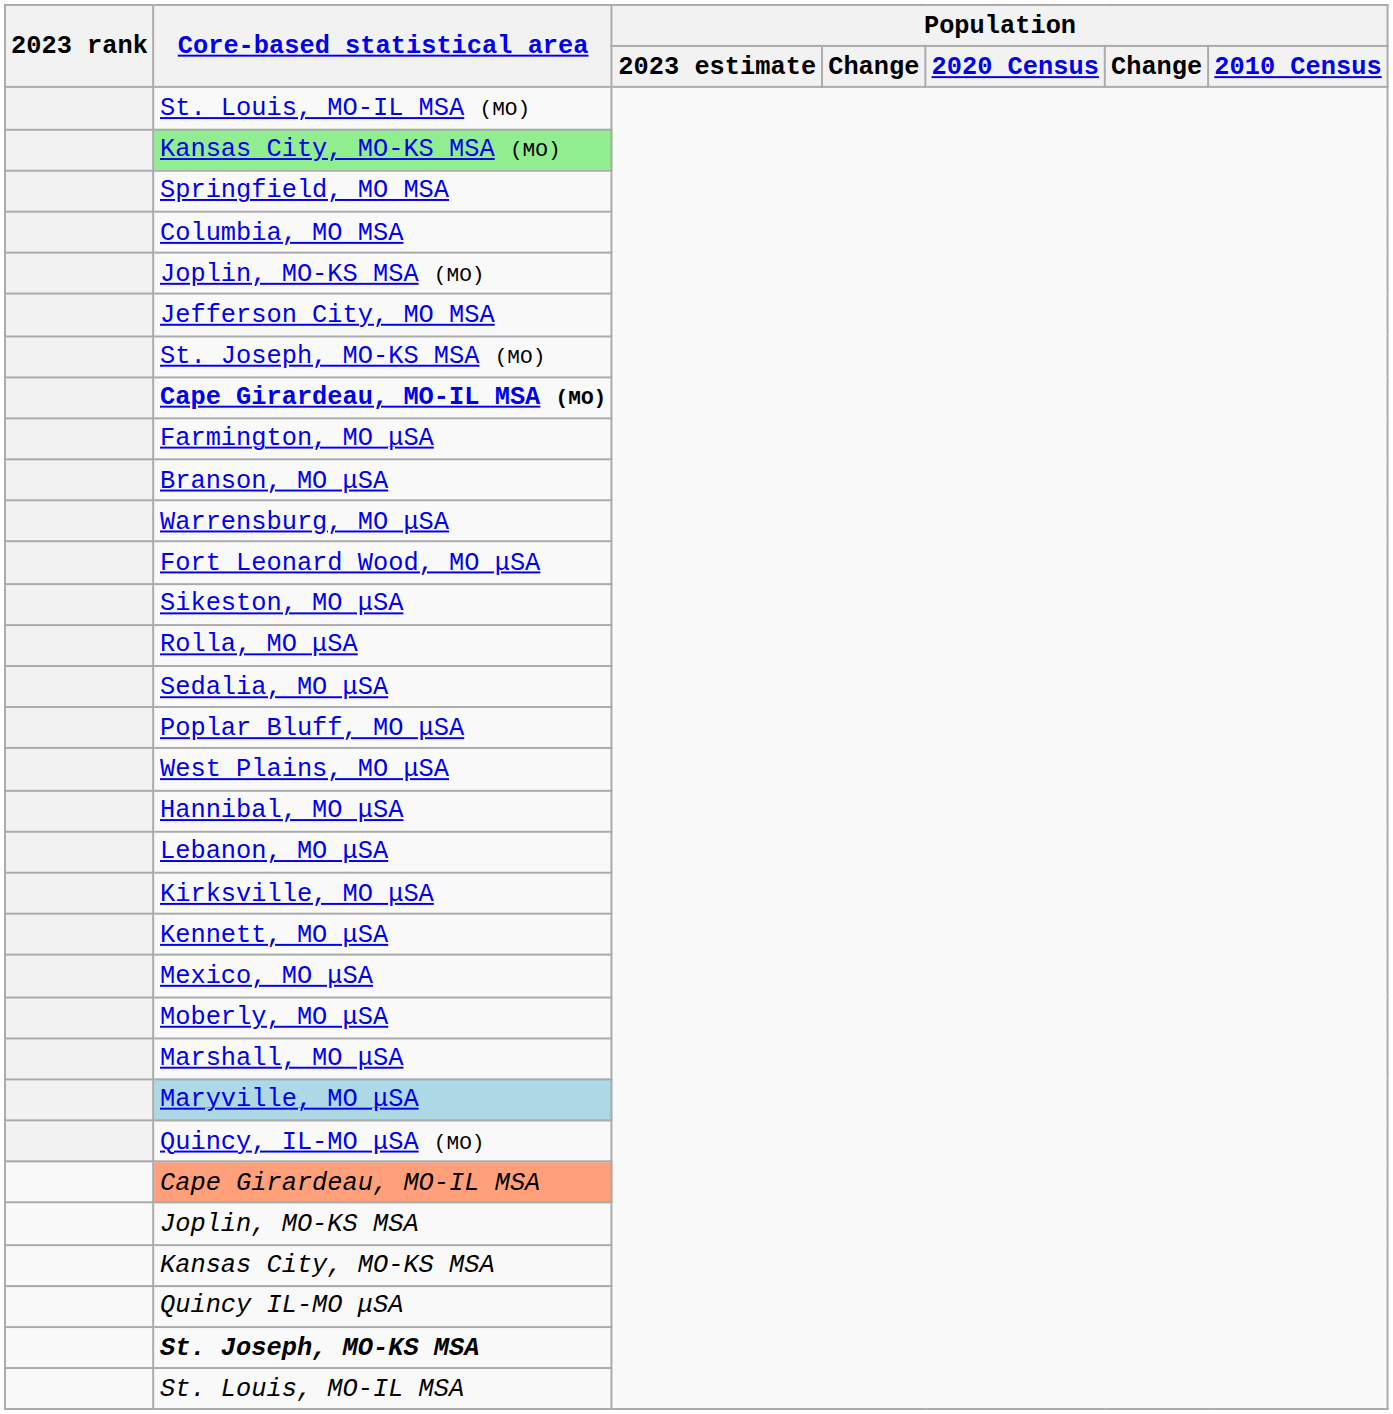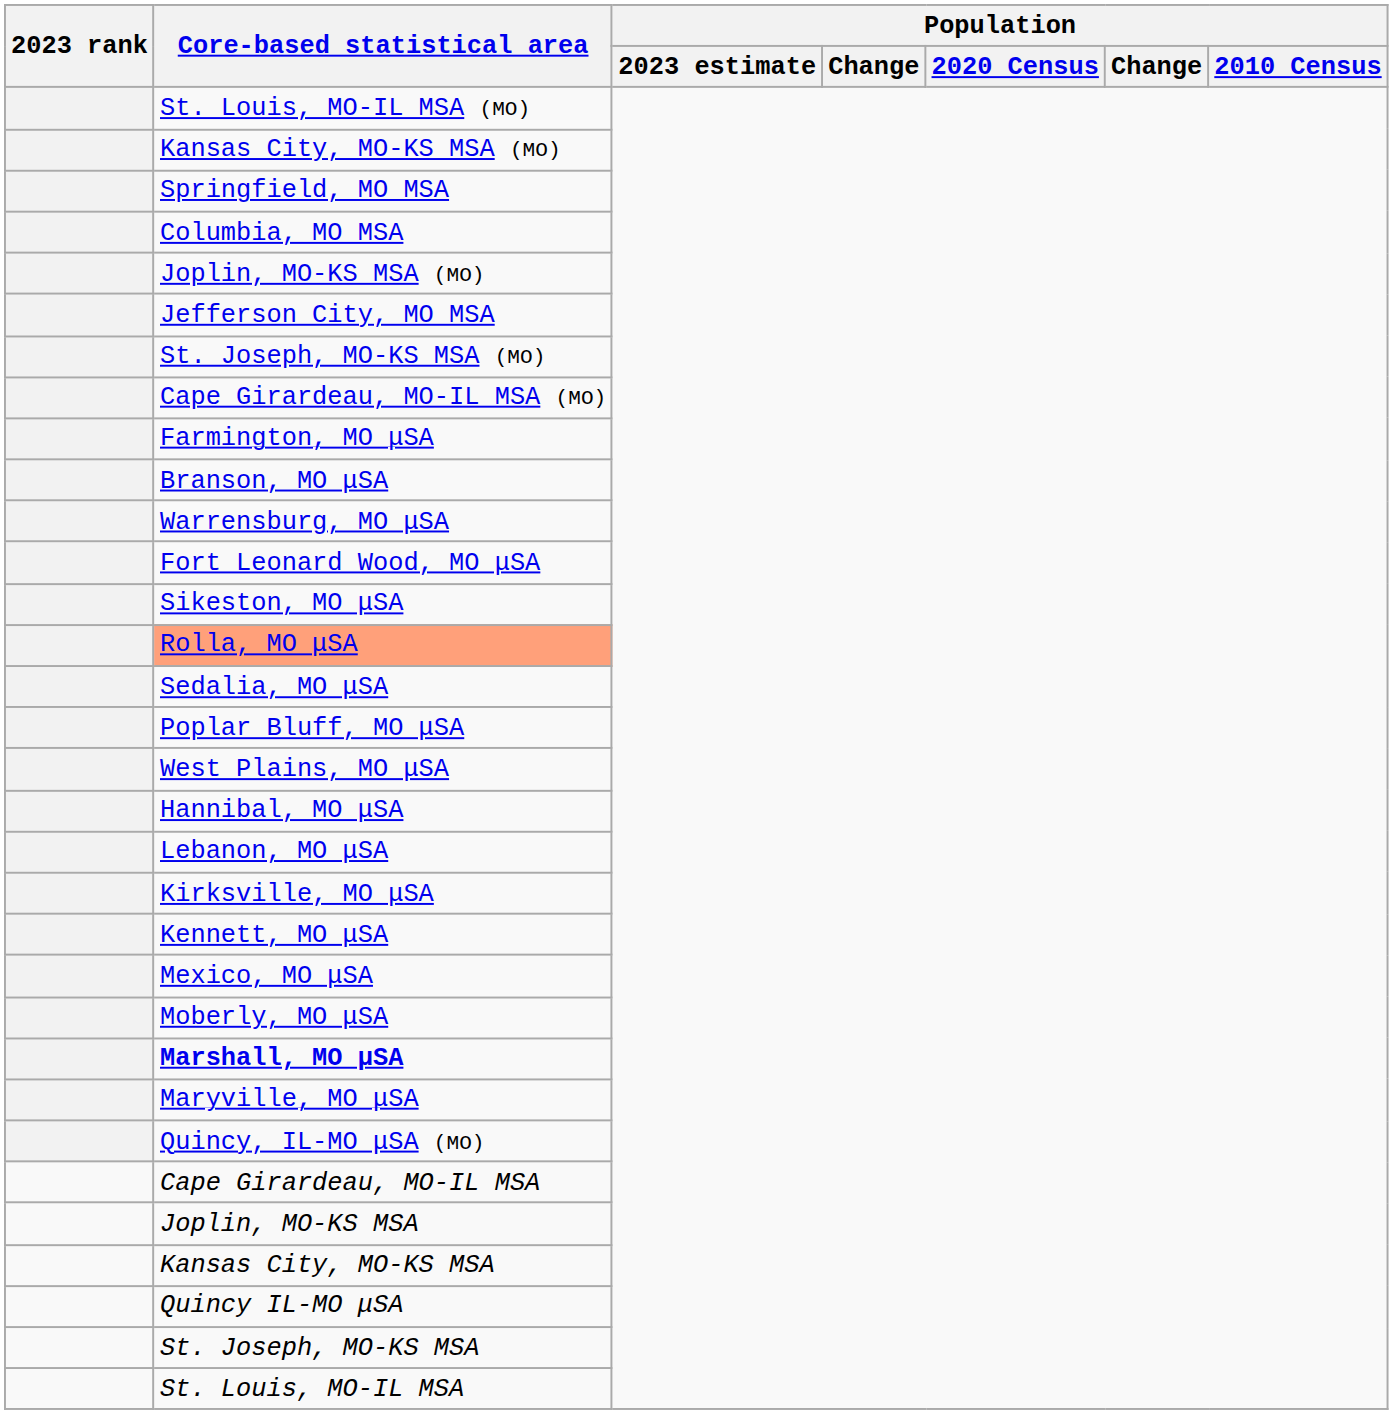 <table class="wikitable sortable">
 <tr>
 <th scope=col rowspan=2>2023 rank</th>
 <th scope=col rowspan=2><a href='#'>Core-based statistical area</a></th>
 <th colspan=5>Population</th>
 </tr>
 <tr>
 <th scope=col>2023 estimate</th>
 <th scope=col>Change</th>
 <th scope=col><a href='#'>2020 Census</a></th>
 <th scope=col>Change</th>
 <th scope=col><a href='#'>2010 Census</a></th>
 </tr>
 <tr>
 <th scope=row></th>
 <td><a href='#'>St. Louis, MO-IL MSA</a> <small>(MO)</small><br></td>
 </tr>
 <tr>
 <th scope=row></th>
-<td style="background: lightgreen;"><a href='#'>Kansas City, MO-KS MSA</a> <small>(MO)</small><br></td>
+<td><a href='#'>Kansas City, MO-KS MSA</a> <small>(MO)</small><br></td>
 </tr>
 <tr>
 <th scope=row></th>
 <td><a href='#'>Springfield, MO MSA</a><br></td>
 </tr>
 <tr>
 <th scope=row></th>
 <td><a href='#'>Columbia, MO MSA</a><br></td>
 </tr>
 <tr>
 <th scope=row></th>
 <td><a href='#'>Joplin, MO-KS MSA</a> <small>(MO)</small><br></td>
 </tr>
 <tr>
 <th scope=row></th>
 <td><a href='#'>Jefferson City, MO MSA</a><br></td>
 </tr>
 <tr>
 <th scope=row></th>
 <td><a href='#'>St. Joseph, MO-KS MSA</a> <small>(MO)</small><br></td>
 </tr>
 <tr>
 <th scope=row></th>
-<td><strong><a href='#'>Cape Girardeau, MO-IL MSA</a> <small>(MO)</small><br></strong></td>
+<td><a href='#'>Cape Girardeau, MO-IL MSA</a> <small>(MO)</small><br></td>
 </tr>
 <tr>
 <th scope=row></th>
 <td><a href='#'>Farmington, MO μSA</a><br></td>
 </tr>
 <tr>
 <th scope=row></th>
 <td><a href='#'>Branson, MO μSA</a><br></td>
 </tr>
 <tr>
 <th scope=row></th>
 <td><a href='#'>Warrensburg, MO μSA</a><br></td>
 </tr>
 <tr>
 <th scope=row></th>
 <td><a href='#'>Fort Leonard Wood, MO μSA</a><br></td>
 </tr>
 <tr>
 <th scope=row></th>
 <td><a href='#'>Sikeston, MO μSA</a><br></td>
 </tr>
 <tr>
 <th scope=row></th>
-<td><a href='#'>Rolla, MO μSA</a><br></td>
+<td style="background: lightsalmon;"><a href='#'>Rolla, MO μSA</a><br></td>
 </tr>
 <tr>
 <th scope=row></th>
 <td><a href='#'>Sedalia, MO μSA</a><br></td>
 </tr>
 <tr>
 <th scope=row></th>
 <td><a href='#'>Poplar Bluff, MO μSA</a><br></td>
 </tr>
 <tr>
 <th scope=row></th>
 <td><a href='#'>West Plains, MO μSA</a><br></td>
 </tr>
 <tr>
 <th scope=row></th>
 <td><a href='#'>Hannibal, MO μSA</a><br></td>
 </tr>
 <tr>
 <th scope=row></th>
 <td><a href='#'>Lebanon, MO μSA</a><br></td>
 </tr>
 <tr>
 <th scope=row></th>
 <td><a href='#'>Kirksville, MO μSA</a><br></td>
 </tr>
 <tr>
 <th scope=row></th>
 <td><a href='#'>Kennett, MO μSA</a><br></td>
 </tr>
 <tr>
 <th scope=row></th>
 <td><a href='#'>Mexico, MO μSA</a><br></td>
 </tr>
 <tr>
 <th scope=row></th>
 <td><a href='#'>Moberly, MO μSA</a><br></td>
 </tr>
 <tr>
 <th scope=row></th>
-<td><a href='#'>Marshall, MO μSA</a><br></td>
+<td><strong><a href='#'>Marshall, MO μSA</a><br></strong></td>
 </tr>
 <tr>
 <th scope=row></th>
-<td style="background: lightblue;"><a href='#'>Maryville, MO μSA</a><br></td>
+<td><a href='#'>Maryville, MO μSA</a><br></td>
 </tr>
 <tr>
 <th scope=row></th>
 <td><a href='#'>Quincy, IL-MO μSA</a> <small>(MO)</small><br></td>
 </tr>
 <tr>
 <td></td>
-<td style="background: lightsalmon;"><em><span>Cape Girardeau, MO-IL MSA</span></em><br></td>
+<td><em><span>Cape Girardeau, MO-IL MSA</span></em><br></td>
 </tr>
 <tr>
 <td></td>
 <td><em><span>Joplin, MO-KS MSA</span></em><br></td>
 </tr>
 <tr>
 <td></td>
 <td><em><span>Kansas City, MO-KS MSA</span></em><br></td>
 </tr>
 <tr>
 <td></td>
 <td><em><span>Quincy IL-MO μSA</span></em><br></td>
 </tr>
 <tr>
 <td></td>
-<td><strong><em><span>St. Joseph, MO-KS MSA</span></em><br></strong></td>
+<td><em><span>St. Joseph, MO-KS MSA</span></em><br></td>
 </tr>
 <tr>
 <td></td>
 <td><em><span>St. Louis, MO-IL MSA</span></em><br></td>
 </tr>
 </table>
